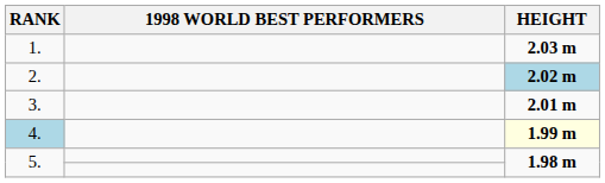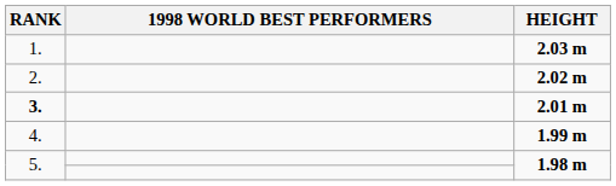 <table class="wikitable" style="border-collapse: collapse; font-size: 90%;">
 <tr>
 <th>RANK</th>
 <th align="center" style="width: 25em">1998 WORLD BEST PERFORMERS</th>
 <th align="center" style="width: 5em">HEIGHT</th>
 </tr>
 <tr>
 <td align="center">1.</td>
 <td></td>
 <td align="center"><strong>2.03 m</strong></td>
 </tr>
 <tr>
 <td align="center">2.</td>
 <td></td>
-<td align="center" style="background: lightblue;"><strong>2.02 m</strong></td>
+<td align="center"><strong>2.02 m</strong></td>
 </tr>
 <tr>
-<td align="center">3.</td>
+<td align="center"><strong>3.</strong></td>
 <td></td>
 <td align="center"><strong>2.01 m</strong></td>
 </tr>
 <tr>
-<td align="center" style="background: lightblue;">4.</td>
+<td align="center">4.</td>
 <td></td>
-<td align="center" style="background: lightyellow;"><strong>1.99 m</strong></td>
+<td align="center"><strong>1.99 m</strong></td>
 </tr>
 <tr>
 <td rowspan=2 align="center">5.</td>
 <td></td>
 <td rowspan=2 align="center"><strong>1.98 m</strong></td>
 </tr>
 <tr>
 <td></td>
 </tr>
 </table>
